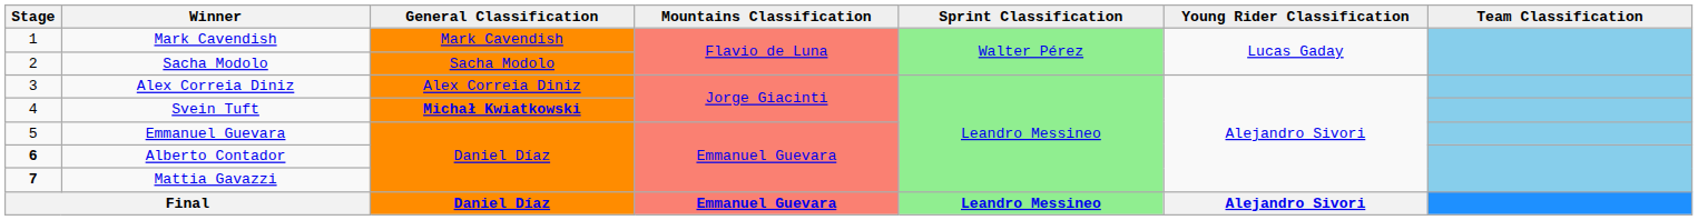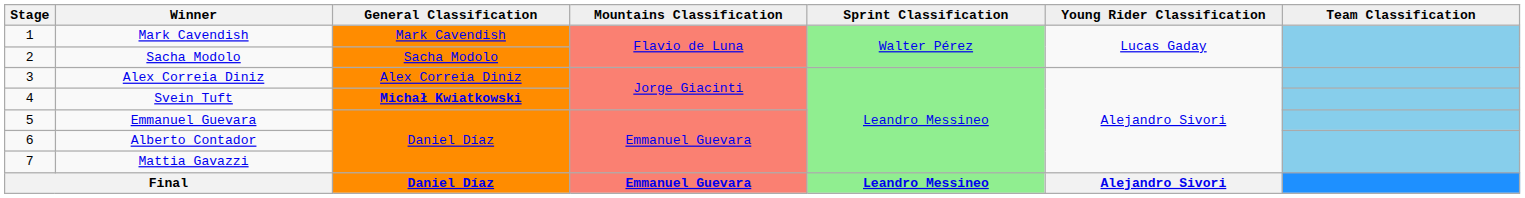 <table class="wikitable" style="text-align: center; font-size:smaller;">
 <tr style="background-color: #efefef;">
 <th width="1%">Stage</th>
 <th width="14%">Winner</th>
 <th style="background:#EFEFEF;" width="12%">General Classification<br></th>
 <th style="background:#EFEFEF;" width="12%">Mountains Classification<br></th>
 <th style="background:#EFEFEF;" width="12%">Sprint Classification<br></th>
 <th style="background:#EFEFEF"  width="12%">Young Rider Classification<br></th>
 <th style="background:#EFEFEF;" width="12%">Team Classification</th>
 </tr>
 <tr>
 <td>1</td>
 <td><a href='#'>Mark Cavendish</a></td>
 <td style="background:#FF8C00;"><a href='#'>Mark Cavendish</a></td>
 <td style="background:salmon;" rowspan=2><a href='#'>Flavio de Luna</a></td>
 <td style="background:lightgreen;" rowspan=2><a href='#'>Walter Pérez</a></td>
 <td style="background:offwhite;" rowspan=2><a href='#'>Lucas Gaday</a></td>
 <td style="background:#87CEEB;" rowspan=2></td>
 </tr>
 <tr>
 <td>2</td>
 <td><a href='#'>Sacha Modolo</a></td>
 <td style="background:#FF8C00;"><a href='#'>Sacha Modolo</a></td>
 </tr>
 <tr>
 <td>3</td>
 <td><a href='#'>Alex Correia Diniz</a></td>
 <td style="background:#FF8C00;"><a href='#'>Alex Correia Diniz</a></td>
 <td style="background:salmon;" rowspan=2><a href='#'>Jorge Giacinti</a></td>
 <td style="background:lightgreen;" rowspan=5><a href='#'>Leandro Messineo</a></td>
 <td style="background:offwhite;" rowspan=5><a href='#'>Alejandro Sivori</a></td>
 <td style="background:#87CEEB;"></td>
 </tr>
 <tr>
 <td>4</td>
 <td><a href='#'>Svein Tuft</a></td>
 <td style="background:#FF8C00;"><strong><a href='#'>Michał Kwiatkowski</a></strong></td>
 <td style="background:#87CEEB;"></td>
 </tr>
 <tr>
 <td>5</td>
 <td><a href='#'>Emmanuel Guevara</a></td>
 <td style="background:#FF8C00;" rowspan=3><a href='#'>Daniel Díaz</a></td>
 <td style="background:salmon;" rowspan=3><a href='#'>Emmanuel Guevara</a></td>
 <td style="background:#87CEEB;"></td>
 </tr>
 <tr>
-<td><strong>6</strong></td>
+<td>6</td>
 <td><a href='#'>Alberto Contador</a></td>
 <td style="background:#87CEEB;" rowspan=2></td>
 </tr>
 <tr>
-<td><strong>7</strong></td>
+<td>7</td>
 <td><a href='#'>Mattia Gavazzi</a></td>
 </tr>
 <tr>
 <th colspan=2><strong>Final</strong></th>
 <th style="background:#FF8C00;"><a href='#'>Daniel Díaz</a></th>
 <th style="background:salmon;"><a href='#'>Emmanuel Guevara</a></th>
 <th style="background:lightgreen;"><a href='#'>Leandro Messineo</a></th>
 <th style="background:offwhite;"><a href='#'>Alejandro Sivori</a></th>
 <th style="background:dodgerblue;"></th>
 </tr>
 </table>
